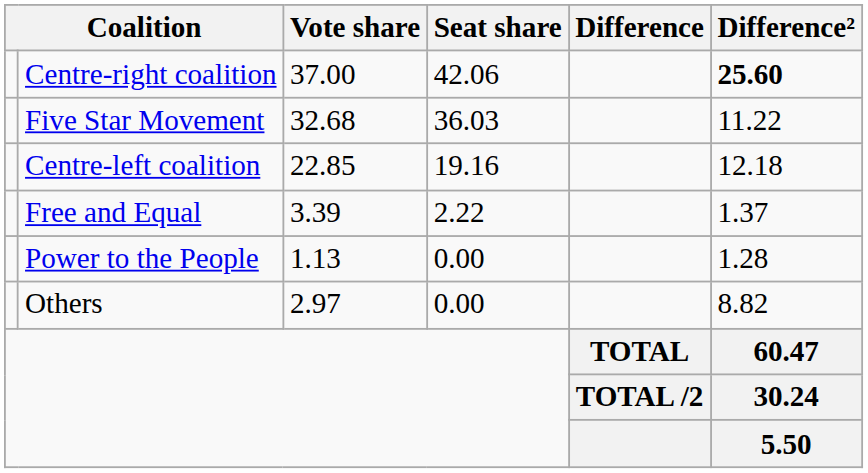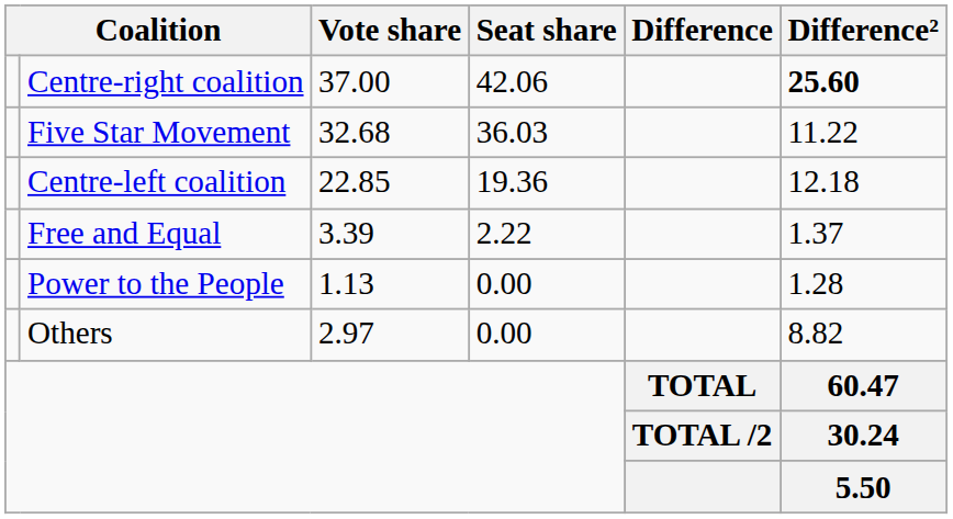 <table class="wikitable">
 <tr>
 <th colspan="2">Coalition</th>
 <th>Vote share</th>
 <th>Seat share</th>
 <th>Difference</th>
 <th>Difference²</th>
 </tr>
 <tr>
 <td></td>
 <td><a href='#'>Centre-right coalition</a></td>
 <td>37.00</td>
 <td>42.06</td>
 <td></td>
 <td><strong>25.60</strong></td>
 </tr>
 <tr>
 <td></td>
 <td><a href='#'>Five Star Movement</a></td>
 <td>32.68</td>
 <td>36.03</td>
 <td></td>
 <td>11.22</td>
 </tr>
 <tr>
 <td></td>
 <td><a href='#'>Centre-left coalition</a></td>
 <td>22.85</td>
-<td>19.16</td>
+<td>19.36</td>
 <td></td>
 <td>12.18</td>
 </tr>
 <tr>
 <td></td>
 <td><a href='#'>Free and Equal</a></td>
 <td>3.39</td>
 <td>2.22</td>
 <td></td>
 <td>1.37</td>
 </tr>
 <tr>
 <td></td>
 <td><a href='#'>Power to the People</a></td>
 <td>1.13</td>
 <td>0.00</td>
 <td></td>
 <td>1.28</td>
 </tr>
 <tr>
 <td></td>
 <td>Others</td>
 <td>2.97</td>
 <td>0.00</td>
 <td></td>
 <td>8.82</td>
 </tr>
 <tr>
 <td colspan="4" rowspan="3"></td>
 <th>TOTAL</th>
 <th>60.47</th>
 </tr>
 <tr>
 <th>TOTAL /2</th>
 <th>30.24</th>
 </tr>
 <tr>
 <th></th>
 <th>5.50</th>
 </tr>
 </table>
